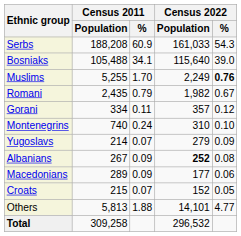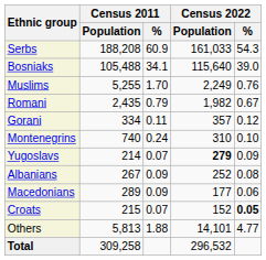 <table class="wikitable">
 <tr>
 <th rowspan="2">Ethnic group</th>
 <th colspan="2">Census 2011</th>
 <th colspan="2">Census 2022</th>
 </tr>
 <tr>
 <th>Population</th>
 <th>%</th>
 <th>Population</th>
 <th>%</th>
 </tr>
 <tr>
 <td style="background:#F5F5DC;"><a href='#'>Serbs</a></td>
 <td align="right">188,208</td>
 <td>60.9</td>
 <td align="right">161,033</td>
 <td>54.3</td>
 </tr>
 <tr>
 <td style="background:#F5F5DC;"><a href='#'>Bosniaks</a></td>
 <td align="right">105,488</td>
 <td>34.1</td>
 <td align="right">115,640</td>
 <td>39.0</td>
 </tr>
 <tr>
 <td style="background:#F5F5DC;"><a href='#'>Muslims</a></td>
 <td align="right">5,255</td>
 <td>1.70</td>
 <td align="right">2,249</td>
-<td><strong>0.76</strong></td>
+<td>0.76</td>
 </tr>
 <tr>
 <td style="background:#F5F5DC;"><a href='#'>Romani</a></td>
 <td align="right">2,435</td>
 <td>0.79</td>
 <td align="right">1,982</td>
 <td>0.67</td>
 </tr>
 <tr>
 <td style="background:#F5F5DC;"><a href='#'>Gorani</a></td>
 <td align="right">334</td>
 <td>0.11</td>
 <td align="right">357</td>
 <td>0.12</td>
 </tr>
 <tr>
 <td style="background:#F5F5DC;"><a href='#'>Montenegrins</a></td>
 <td align="right">740</td>
 <td>0.24</td>
 <td align="right">310</td>
 <td>0.10</td>
 </tr>
 <tr>
 <td style="background:#F5F5DC;"><a href='#'>Yugoslavs</a></td>
 <td align="right">214</td>
 <td>0.07</td>
-<td align="right">279</td>
+<td align="right"><strong>279</strong></td>
 <td>0.09</td>
 </tr>
 <tr>
 <td style="background:#F5F5DC;"><a href='#'>Albanians</a></td>
 <td align="right">267</td>
 <td>0.09</td>
-<td align="right"><strong>252</strong></td>
+<td align="right">252</td>
 <td>0.08</td>
 </tr>
 <tr>
 <td style="background:#F5F5DC;"><a href='#'>Macedonians</a></td>
 <td align="right">289</td>
 <td>0.09</td>
 <td align="right">177</td>
 <td>0.06</td>
 </tr>
 <tr>
 <td style="background:#F5F5DC;"><a href='#'>Croats</a></td>
 <td align="right">215</td>
 <td>0.07</td>
 <td align="right">152</td>
-<td>0.05</td>
+<td><strong>0.05</strong></td>
 </tr>
 <tr>
 <td style="background:#F5F5DC;">Others</td>
 <td align="right">5,813</td>
 <td>1.88</td>
 <td align="right">14,101</td>
 <td>4.77</td>
 </tr>
 <tr>
 <td style="background:#F0F0F0;"><strong>Total</strong></td>
 <td align="right">309,258</td>
 <td></td>
 <td align="right">296,532</td>
 <td></td>
 </tr>
 </table>
